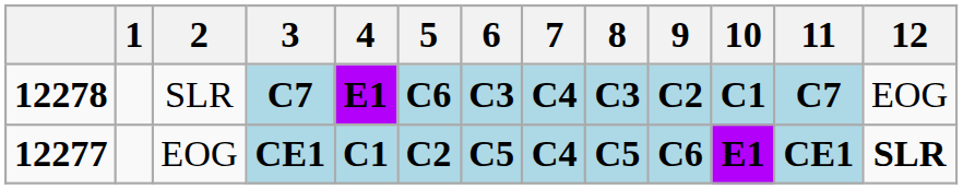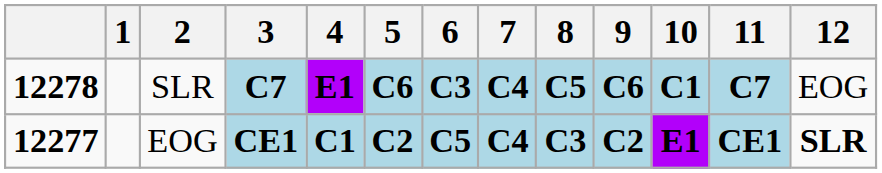 <table class="wikitable plainrowheaders unsortable" style="text-align:center">
 <tr>
 <th></th>
 <th>1</th>
 <th>2</th>
 <th>3</th>
 <th>4</th>
 <th>5</th>
 <th>6</th>
 <th>7</th>
 <th>8</th>
 <th>9</th>
 <th>10</th>
 <th>11</th>
 <th>12</th>
 </tr>
 <tr>
 <td><strong>12278</strong></td>
 <td></td>
 <td>SLR</td>
 <th rowspan="1" scope="col" style="background:#ADD8E6;">C7</th>
 <th rowspan="1" scope="col" style="background:#B200FA;">E1</th>
 <th rowspan="1" scope="col" style="background:#ADD8E6;">C6</th>
 <th rowspan="1" scope="col" style="background:#ADD8E6;">C3</th>
 <th rowspan="1" scope="col" style="background:#ADD8E6;">C4</th>
-<th rowspan="1" scope="col" style="background:#ADD8E6;">C3</th>
-<th rowspan="1" scope="col" style="background:#ADD8E6;">C2</th>
+<th rowspan="1" scope="col" style="background:#ADD8E6;">C5</th>
+<th rowspan="1" scope="col" style="background:#ADD8E6;">C6</th>
 <th rowspan="1" scope="col" style="background:#ADD8E6;">C1</th>
 <th rowspan="1" scope="col" style="background:#ADD8E6;">C7</th>
 <td>EOG</td>
 </tr>
 <tr>
 <td><strong>12277</strong></td>
 <td></td>
 <td>EOG</td>
 <th rowspan="1" scope="col" style="background:#ADD8E6;">CE1</th>
 <th rowspan="1" scope="col" style="background:#ADD8E6;">C1</th>
 <th rowspan="1" scope="col" style="background:#ADD8E6;">C2</th>
 <th rowspan="1" scope="col" style="background:#ADD8E6;">C5</th>
 <th rowspan="1" scope="col" style="background:#ADD8E6;">C4</th>
-<th rowspan="1" scope="col" style="background:#ADD8E6;">C5</th>
-<th rowspan="1" scope="col" style="background:#ADD8E6;">C6</th>
+<th rowspan="1" scope="col" style="background:#ADD8E6;">C3</th>
+<th rowspan="1" scope="col" style="background:#ADD8E6;">C2</th>
 <th rowspan="1" scope="col" style="background:#B200FA;">E1</th>
 <th rowspan="1" scope="col" style="background:#ADD8E6;">CE1</th>
 <td><strong>SLR</strong></td>
 </tr>
 </table>
